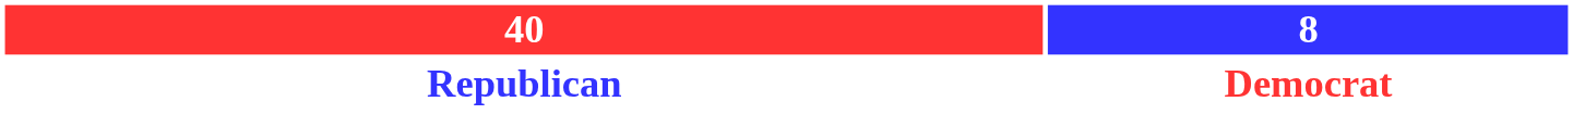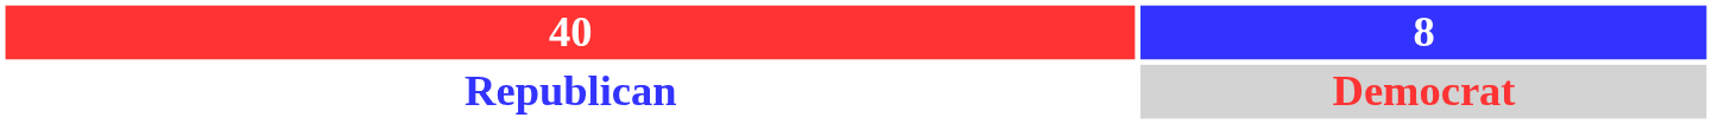 <table style="width:50%">
 <tr>
 <td scope="row" colspan="3" style="text-align:center"></td>
 </tr>
 <tr>
 <td scope="row" style="background:#F33; width:65%; text-align:center; color:white"><strong>40</strong></td>
 <td style="background:#33F; width:32.5%; text-align:center; color:white"><strong>8</strong></td>
 </tr>
 <tr>
 <td scope="row" style="text-align:center; color:#33F"><strong>Republican</strong></td>
-<td style="text-align:center; color:#F33"><strong>Democrat</strong></td>
+<td style="background: lightgrey; text-align:center; color:#F33"><strong>Democrat</strong></td>
 </tr>
 </table>
